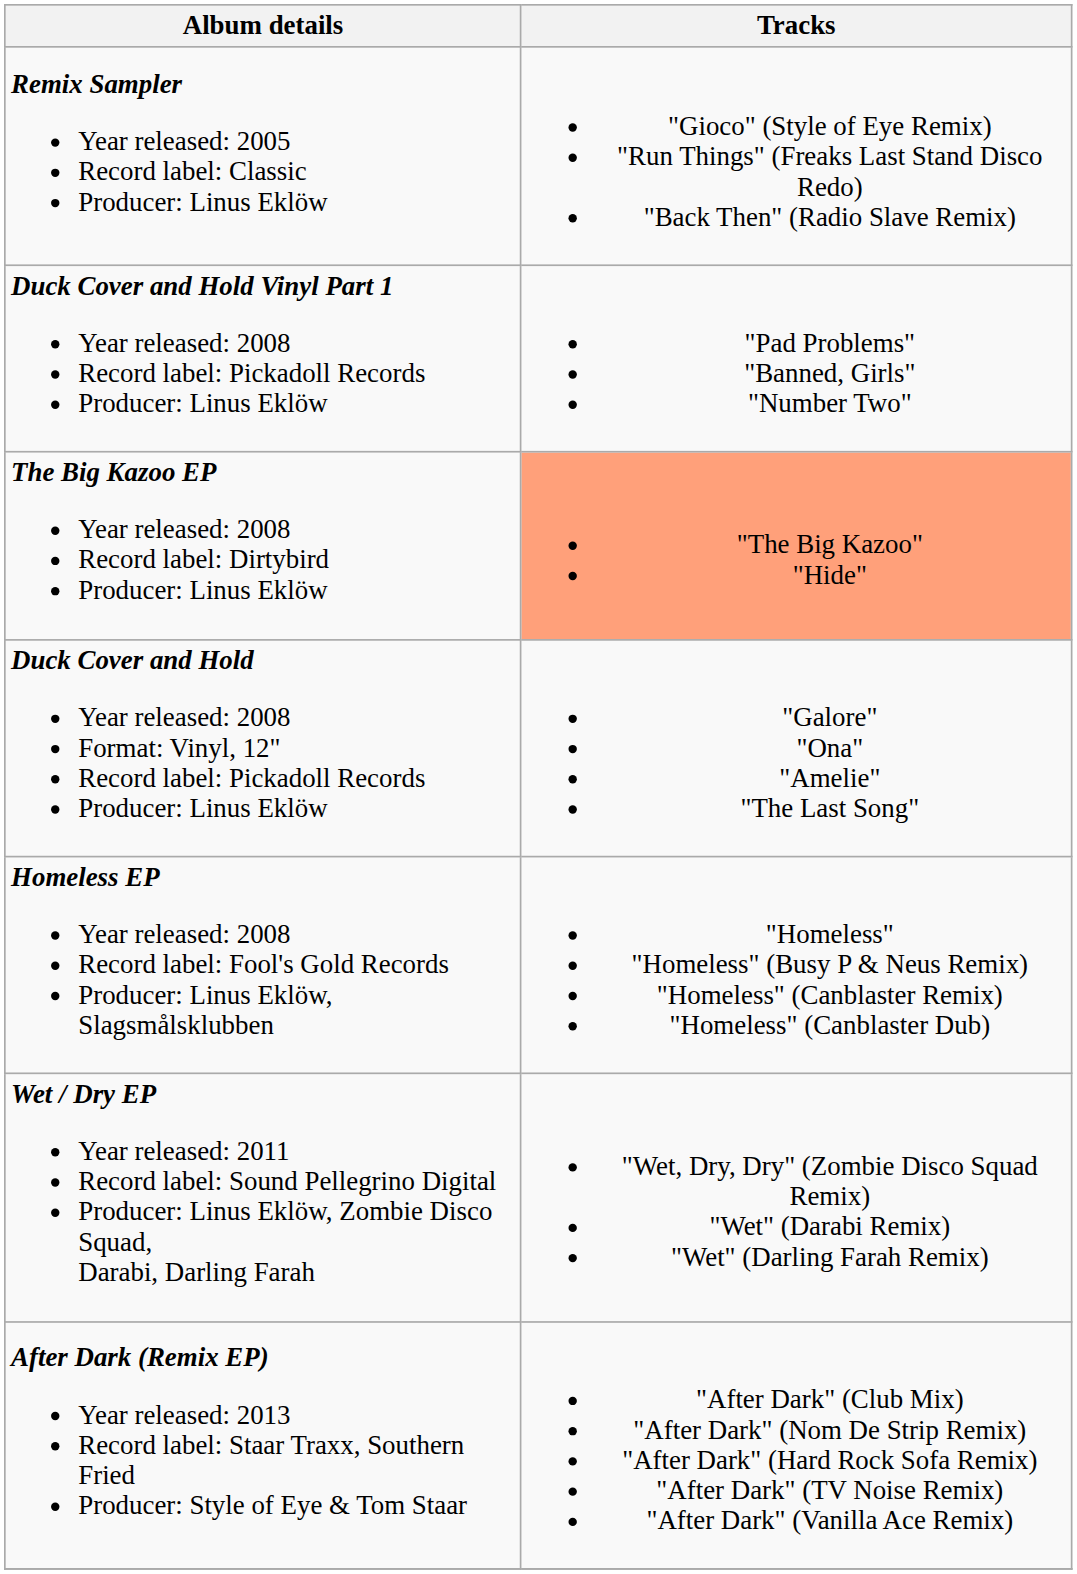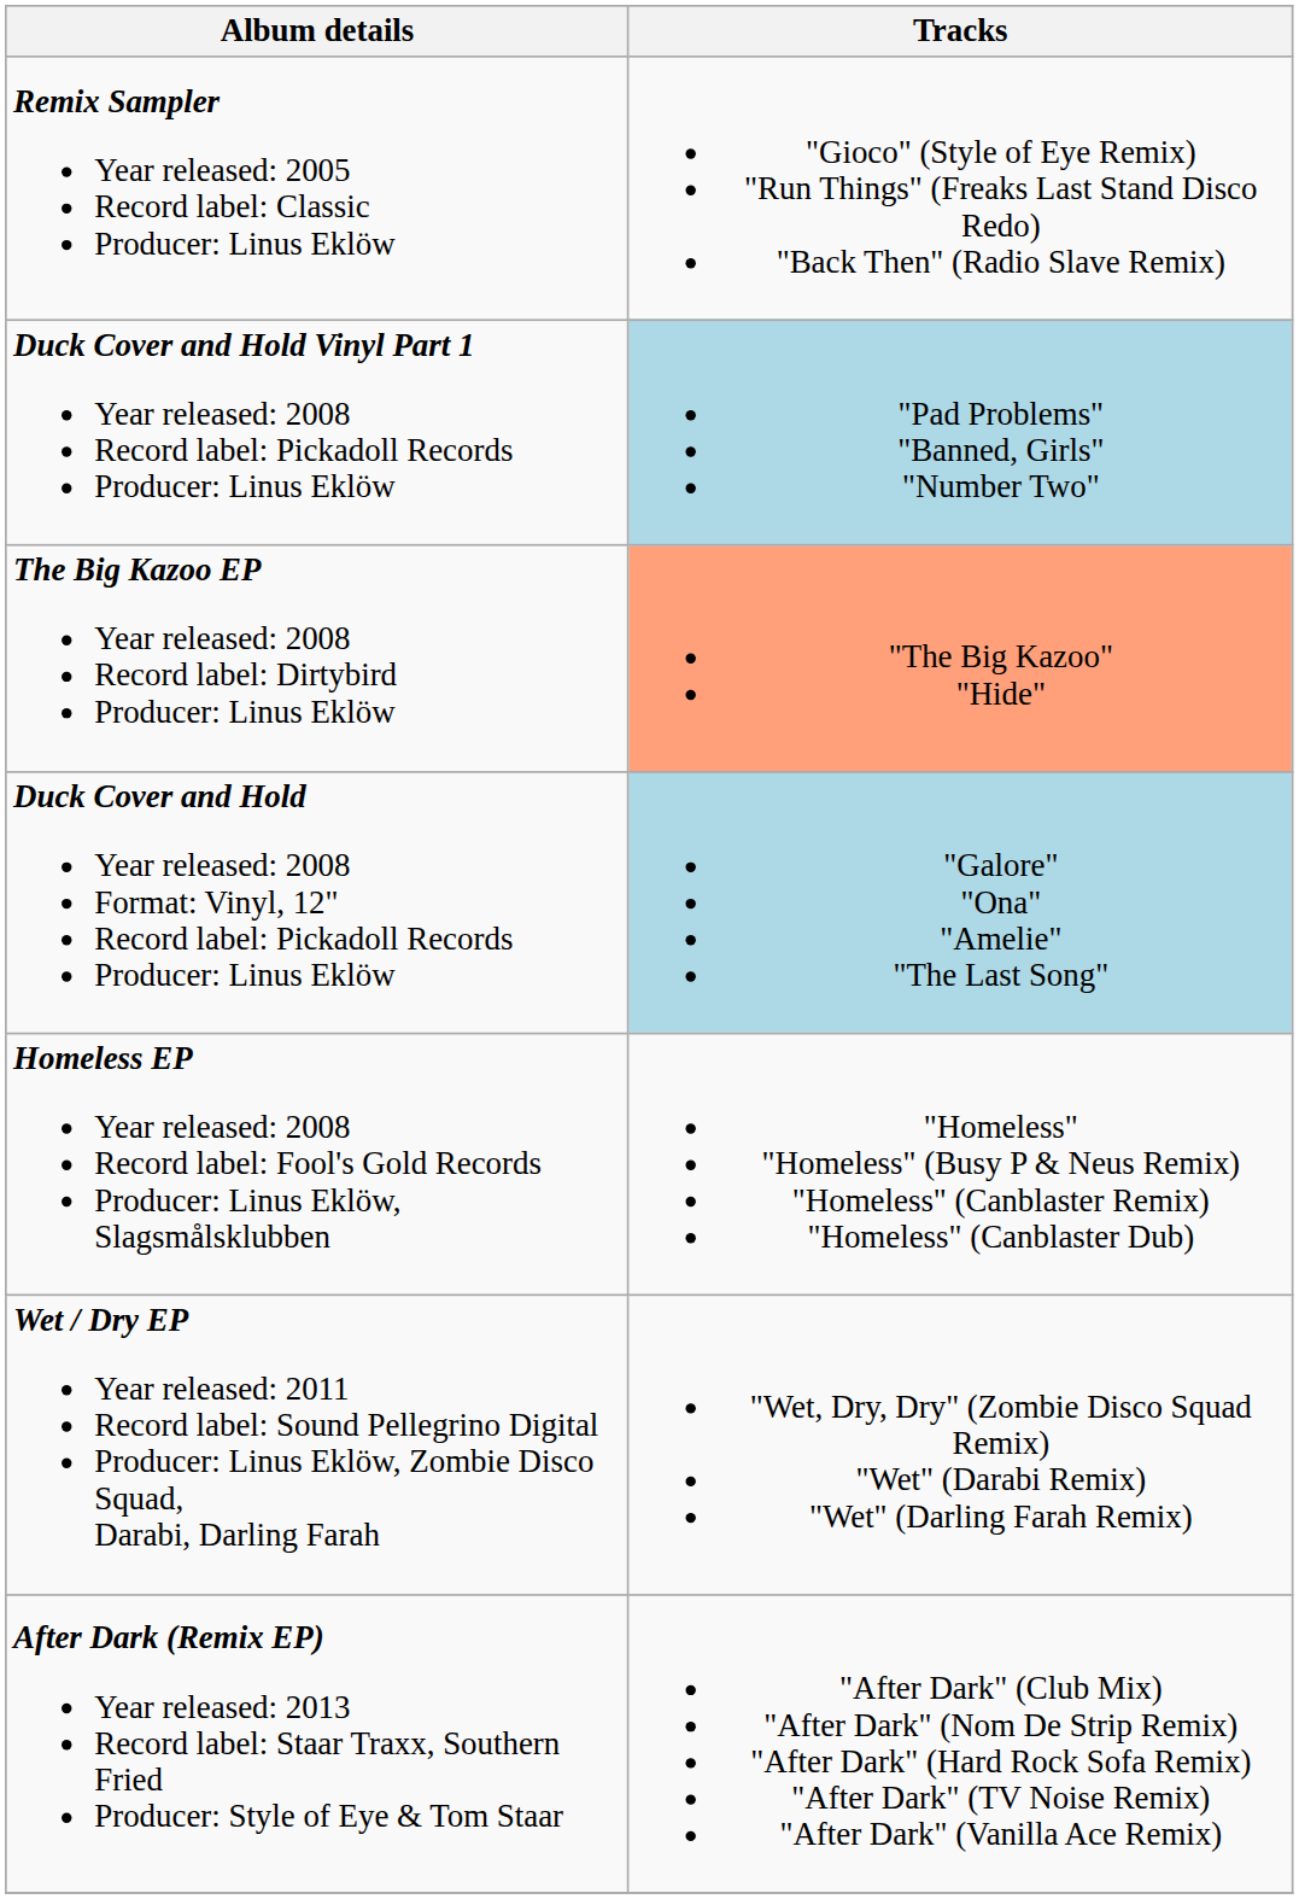 <table class="wikitable">
 <tr>
 <th align="center" rowspan="1" width="300">Album details</th>
 <th align="center" rowspan="1" width="320">Tracks</th>
 </tr>
 <tr>
 <td><strong><em>Remix Sampler</em></strong><br><ul><li>Year released: 2005</li><li>Record label: Classic</li><li>Producer: Linus Eklöw</li></ul></td>
 <td style="text-align:center;"><br><ul><li>"Gioco" (Style of Eye Remix)</li><li>"Run Things" (Freaks Last Stand Disco Redo)</li><li>"Back Then" (Radio Slave Remix)</li></ul></td>
 </tr>
 <tr>
 <td><strong><em>Duck Cover and Hold Vinyl Part 1</em></strong><br><ul><li>Year released: 2008</li><li>Record label: Pickadoll Records</li><li>Producer: Linus Eklöw</li></ul></td>
-<td style="text-align:center;"><br><ul><li>"Pad Problems"</li><li>"Banned, Girls"</li><li>"Number Two"</li></ul></td>
+<td style="background: lightblue; text-align:center;"><br><ul><li>"Pad Problems"</li><li>"Banned, Girls"</li><li>"Number Two"</li></ul></td>
 </tr>
 <tr>
 <td><strong><em>The Big Kazoo EP</em></strong><br><ul><li>Year released: 2008</li><li>Record label: Dirtybird</li><li>Producer: Linus Eklöw</li></ul></td>
 <td style="background: lightsalmon; text-align:center;"><br><ul><li>"The Big Kazoo"</li><li>"Hide"</li></ul></td>
 </tr>
 <tr>
 <td><strong><em>Duck Cover and Hold </em></strong><br><ul><li>Year released: 2008</li><li>Format: Vinyl, 12"</li><li>Record label: Pickadoll Records</li><li>Producer: Linus Eklöw</li></ul></td>
-<td style="text-align:center;"><br><ul><li>"Galore"</li><li>"Ona"</li><li>"Amelie"</li><li>"The Last Song"</li></ul></td>
+<td style="background: lightblue; text-align:center;"><br><ul><li>"Galore"</li><li>"Ona"</li><li>"Amelie"</li><li>"The Last Song"</li></ul></td>
 </tr>
 <tr>
 <td><strong><em>Homeless EP </em></strong><br><ul><li>Year released: 2008</li><li>Record label: Fool's Gold Records</li><li>Producer: Linus Eklöw, Slagsmålsklubben</li></ul></td>
 <td style="text-align:center;"><br><ul><li>"Homeless"</li><li>"Homeless" (Busy P & Neus Remix)</li><li>"Homeless" (Canblaster Remix)</li><li>"Homeless" (Canblaster Dub)</li></ul></td>
 </tr>
 <tr>
 <td><strong><em> Wet / Dry EP</em></strong><br><ul><li>Year released: 2011</li><li>Record label: Sound Pellegrino Digital</li><li>Producer: Linus Eklöw, Zombie Disco Squad, <br>Darabi, Darling Farah</li></ul></td>
 <td style="text-align:center;"><br><ul><li>"Wet, Dry, Dry" (Zombie Disco Squad Remix)</li><li>"Wet" (Darabi Remix)</li><li>"Wet" (Darling Farah Remix)</li></ul></td>
 </tr>
 <tr>
 <td><strong><em> After Dark (Remix EP)</em></strong><br><ul><li>Year released: 2013</li><li>Record label: Staar Traxx, Southern Fried</li><li>Producer: Style of Eye & Tom Staar</li></ul></td>
 <td style="text-align:center;"><br><ul><li>"After Dark" (Club Mix)</li><li>"After Dark" (Nom De Strip Remix)</li><li>"After Dark" (Hard Rock Sofa Remix)</li><li>"After Dark" (TV Noise Remix)</li><li>"After Dark" (Vanilla Ace Remix)</li></ul></td>
 </tr>
 <tr>
 </tr>
 </table>
